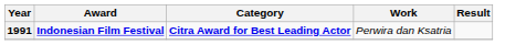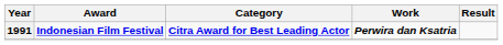 <table class="wikitable sortable">
 <tr>
 <th>Year</th>
 <th>Award</th>
 <th>Category</th>
 <th>Work</th>
 <th>Result</th>
 </tr>
 <tr>
 <th>1991</th>
 <td><strong><a href='#'>Indonesian Film Festival</a></strong></td>
 <td><strong><a href='#'>Citra Award for Best Leading Actor</a></strong></td>
-<td><em>Perwira dan Ksatria</em></td>
+<td><strong><em>Perwira dan Ksatria</em></strong></td>
 <td></td>
 </tr>
 <tr>
 </tr>
 </table>
